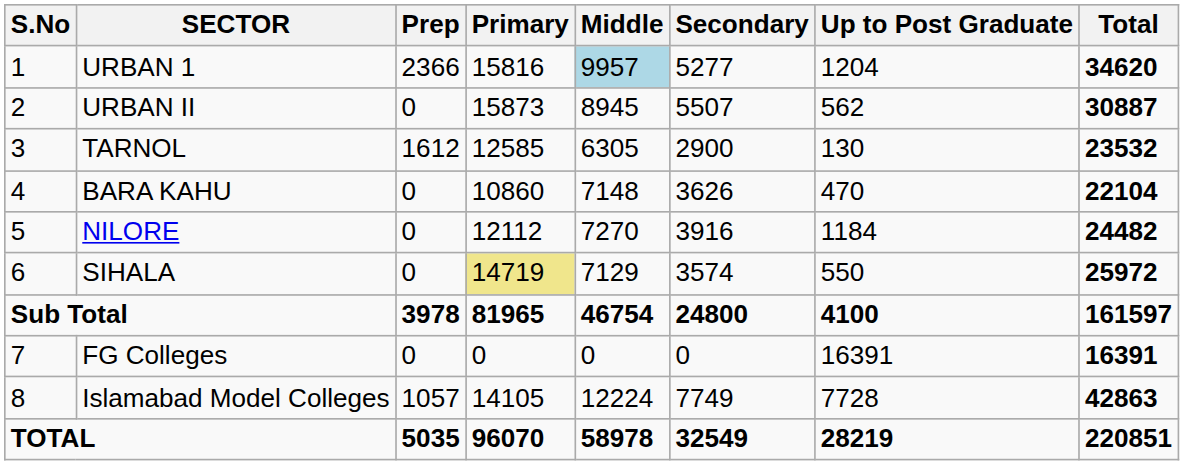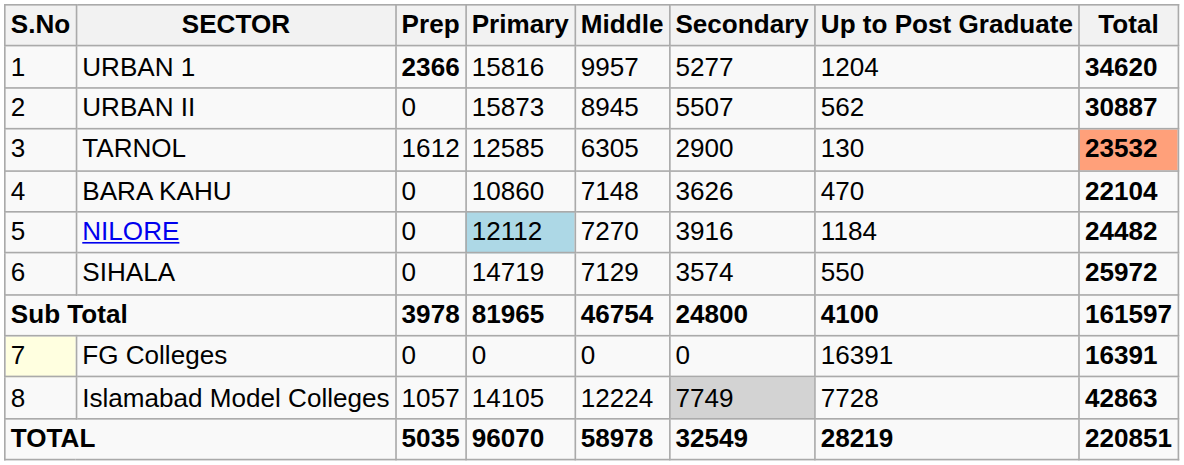 <table class="wikitable">
 <tr>
 <th>S.No</th>
 <th>SECTOR</th>
 <th>Prep</th>
 <th>Primary</th>
 <th>Middle</th>
 <th>Secondary</th>
 <th>Up  to Post Graduate</th>
 <th>Total</th>
 </tr>
 <tr>
 <td>1</td>
 <td>URBAN  1</td>
-<td>2366</td>
+<td><strong>2366</strong></td>
 <td>15816</td>
-<td style="background: lightblue;">9957</td>
+<td>9957</td>
 <td>5277</td>
 <td>1204</td>
 <td><strong>34620</strong></td>
 </tr>
 <tr>
 <td>2</td>
 <td>URBAN  II</td>
 <td>0</td>
 <td>15873</td>
 <td>8945</td>
 <td>5507</td>
 <td>562</td>
 <td><strong>30887</strong></td>
 </tr>
 <tr>
 <td>3</td>
 <td>TARNOL</td>
 <td>1612</td>
 <td>12585</td>
 <td>6305</td>
 <td>2900</td>
 <td>130</td>
-<td><strong>23532</strong></td>
+<td style="background: lightsalmon;"><strong>23532</strong></td>
 </tr>
 <tr>
 <td>4</td>
 <td>BARA  KAHU</td>
 <td>0</td>
 <td>10860</td>
 <td>7148</td>
 <td>3626</td>
 <td>470</td>
 <td><strong>22104</strong></td>
 </tr>
 <tr>
 <td>5</td>
 <td><a href='#'>NILORE</a></td>
 <td>0</td>
-<td>12112</td>
+<td style="background: lightblue;">12112</td>
 <td>7270</td>
 <td>3916</td>
 <td>1184</td>
 <td><strong>24482</strong></td>
 </tr>
 <tr>
 <td>6</td>
 <td>SIHALA</td>
 <td>0</td>
-<td style="background: khaki;">14719</td>
+<td>14719</td>
 <td>7129</td>
 <td>3574</td>
 <td>550</td>
 <td><strong>25972</strong></td>
 </tr>
 <tr>
 <td colspan="2"><strong>Sub Total</strong></td>
 <td><strong>3978</strong></td>
 <td><strong>81965</strong></td>
 <td><strong>46754</strong></td>
 <td><strong>24800</strong></td>
 <td><strong>4100</strong></td>
 <td><strong>161597</strong></td>
 </tr>
 <tr>
-<td>7</td>
+<td style="background: lightyellow;">7</td>
 <td>FG  Colleges</td>
 <td>0</td>
 <td>0</td>
 <td>0</td>
 <td>0</td>
 <td>16391</td>
 <td><strong>16391</strong></td>
 </tr>
 <tr>
 <td>8</td>
 <td>Islamabad Model Colleges</td>
 <td>1057</td>
 <td>14105</td>
 <td>12224</td>
-<td>7749</td>
+<td style="background: lightgrey;">7749</td>
 <td>7728</td>
 <td><strong>42863</strong></td>
 </tr>
 <tr>
 <td colspan="2"><strong>TOTAL</strong></td>
 <td><strong>5035</strong></td>
 <td><strong>96070</strong></td>
 <td><strong>58978</strong></td>
 <td><strong>32549</strong></td>
 <td><strong>28219</strong></td>
 <td><strong>220851</strong></td>
 </tr>
 </table>
